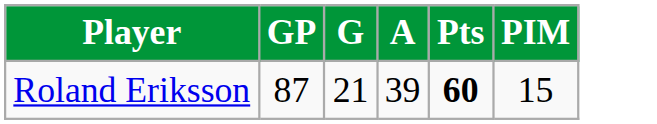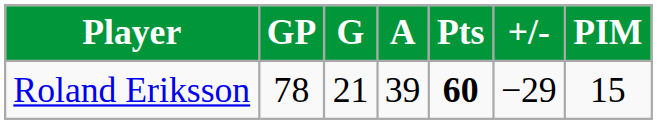 <table class="wikitable sortable">
 <tr align=center>
 <th style="color:white; background:#009639; ">Player</th>
 <th style="color:white; background:#009639; ">GP</th>
 <th style="color:white; background:#009639; ">G</th>
 <th style="color:white; background:#009639; ">A</th>
 <th style="color:white; background:#009639; ">Pts</th>
+<th style="color:white; background:#009639; ">+/-</th>
 <th style="color:white; background:#009639; ">PIM</th>
 </tr>
 <tr align=center>
 <td><a href='#'>Roland Eriksson</a></td>
-<td>87</td>
+<td>78</td>
 <td>21</td>
 <td>39</td>
 <td><strong>60</strong></td>
+<td>−29</td>
 <td>15</td>
 </tr>
 </table>
